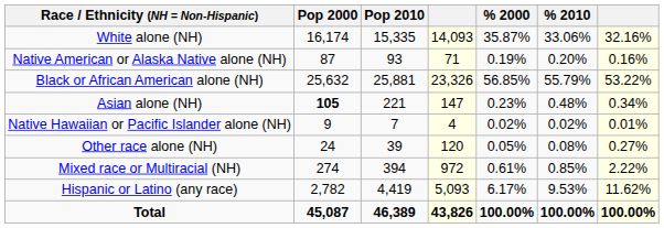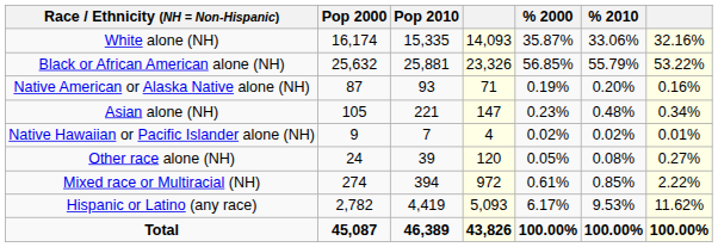 <table class="wikitable" style="text-align:center;">
 <tr>
 <th>Race / Ethnicity <small>(<em>NH = Non-Hispanic</em>)</small></th>
 <th>Pop 2000</th>
 <th>Pop 2010</th>
 <th></th>
 <th>% 2000</th>
 <th>% 2010</th>
 <th></th>
 </tr>
 <tr>
 <td><a href='#'>White</a> alone (NH)</td>
 <td>16,174</td>
 <td>15,335</td>
 <td style='background: #ffffe6;'>14,093</td>
 <td>35.87%</td>
 <td>33.06%</td>
 <td style='background: #ffffe6;'>32.16%</td>
 </tr>
 <tr>
+<td><a href='#'>Black or African American</a> alone (NH)</td>
+<td>25,632</td>
+<td>25,881</td>
+<td style='background: #ffffe6;'>23,326</td>
+<td>56.85%</td>
+<td>55.79%</td>
+<td style='background: #ffffe6;'>53.22%</td>
+</tr>
+<tr>
 <td><a href='#'>Native American</a> or <a href='#'>Alaska Native</a> alone (NH)</td>
 <td>87</td>
 <td>93</td>
 <td style='background: #ffffe6;'>71</td>
 <td>0.19%</td>
 <td>0.20%</td>
 <td style='background: #ffffe6;'>0.16%</td>
 </tr>
 <tr>
-<td><a href='#'>Black or African American</a> alone (NH)</td>
-<td>25,632</td>
-<td>25,881</td>
-<td style='background: #ffffe6;'>23,326</td>
-<td>56.85%</td>
-<td>55.79%</td>
-<td style='background: #ffffe6;'>53.22%</td>
-</tr>
-<tr>
 <td><a href='#'>Asian</a> alone (NH)</td>
-<td><strong>105</strong></td>
+<td>105</td>
 <td>221</td>
 <td style='background: #ffffe6;'>147</td>
 <td>0.23%</td>
 <td>0.48%</td>
 <td style='background: #ffffe6;'>0.34%</td>
 </tr>
 <tr>
 <td><a href='#'>Native Hawaiian</a> or <a href='#'>Pacific Islander</a> alone (NH)</td>
 <td>9</td>
 <td>7</td>
 <td style='background: #ffffe6;'>4</td>
 <td>0.02%</td>
 <td>0.02%</td>
 <td style='background: #ffffe6;'>0.01%</td>
 </tr>
 <tr>
 <td><a href='#'>Other race</a> alone (NH)</td>
 <td>24</td>
 <td>39</td>
 <td style='background: #ffffe6;'>120</td>
 <td>0.05%</td>
 <td>0.08%</td>
 <td style='background: #ffffe6;'>0.27%</td>
 </tr>
 <tr>
 <td><a href='#'>Mixed race or Multiracial</a> (NH)</td>
 <td>274</td>
 <td>394</td>
 <td style='background: #ffffe6;'>972</td>
 <td>0.61%</td>
 <td>0.85%</td>
 <td style='background: #ffffe6;'>2.22%</td>
 </tr>
 <tr>
 <td><a href='#'>Hispanic or Latino</a> (any race)</td>
 <td>2,782</td>
 <td>4,419</td>
 <td style='background: #ffffe6;'>5,093</td>
 <td>6.17%</td>
 <td>9.53%</td>
 <td style='background: #ffffe6;'>11.62%</td>
 </tr>
 <tr>
 <td><strong>Total</strong></td>
 <td><strong>45,087</strong></td>
 <td><strong>46,389</strong></td>
 <td style='background: #ffffe6;'><strong>43,826</strong></td>
 <td><strong>100.00%</strong></td>
 <td><strong>100.00%</strong></td>
 <td style='background: #ffffe6;'><strong>100.00%</strong></td>
 </tr>
 </table>
